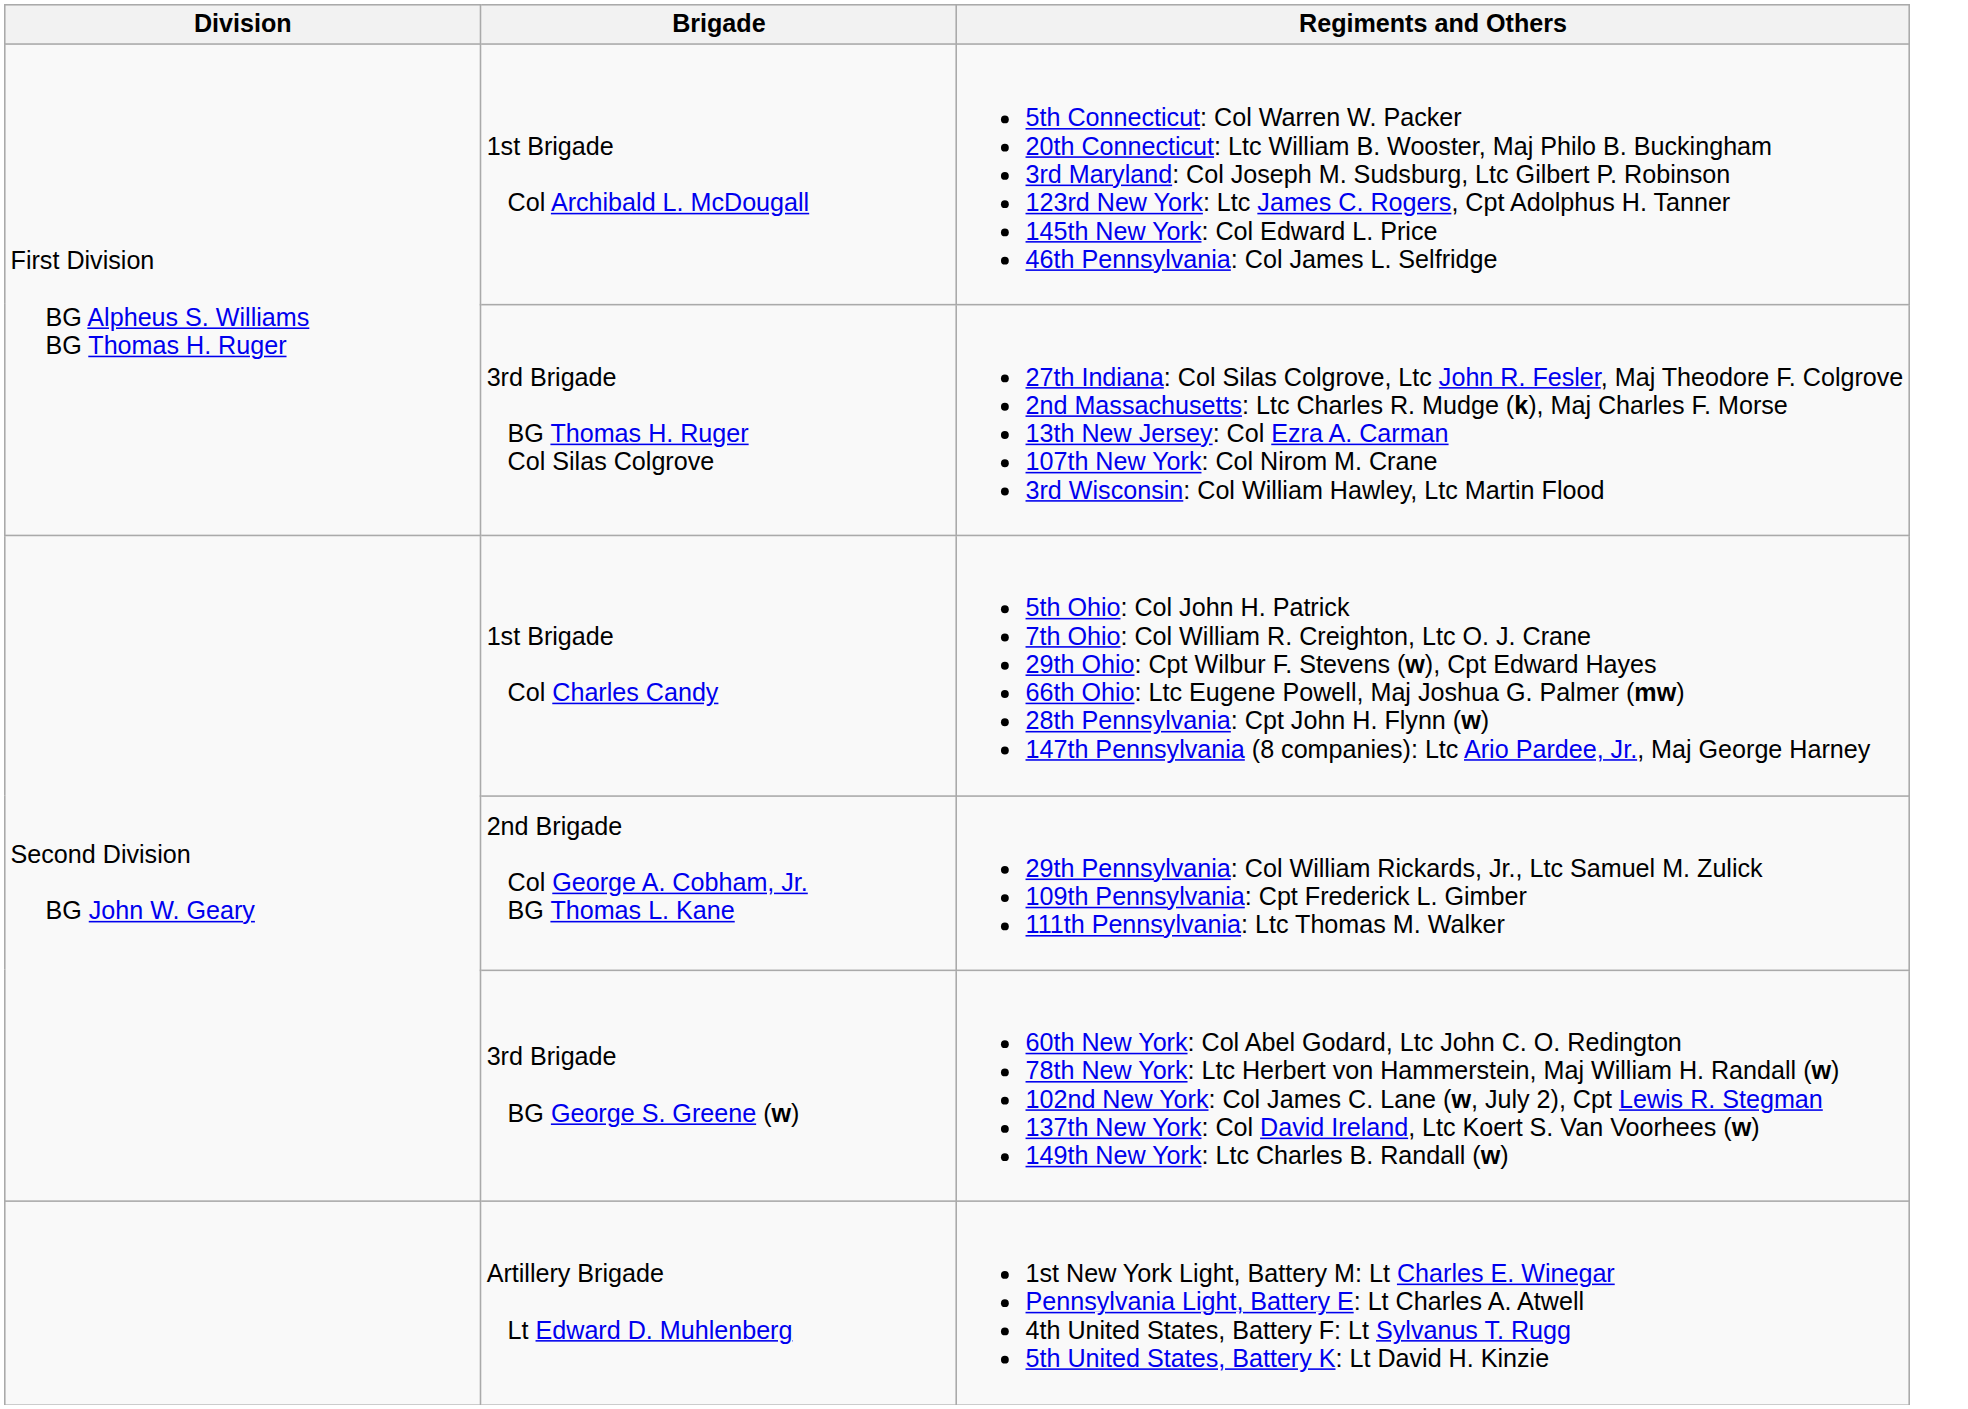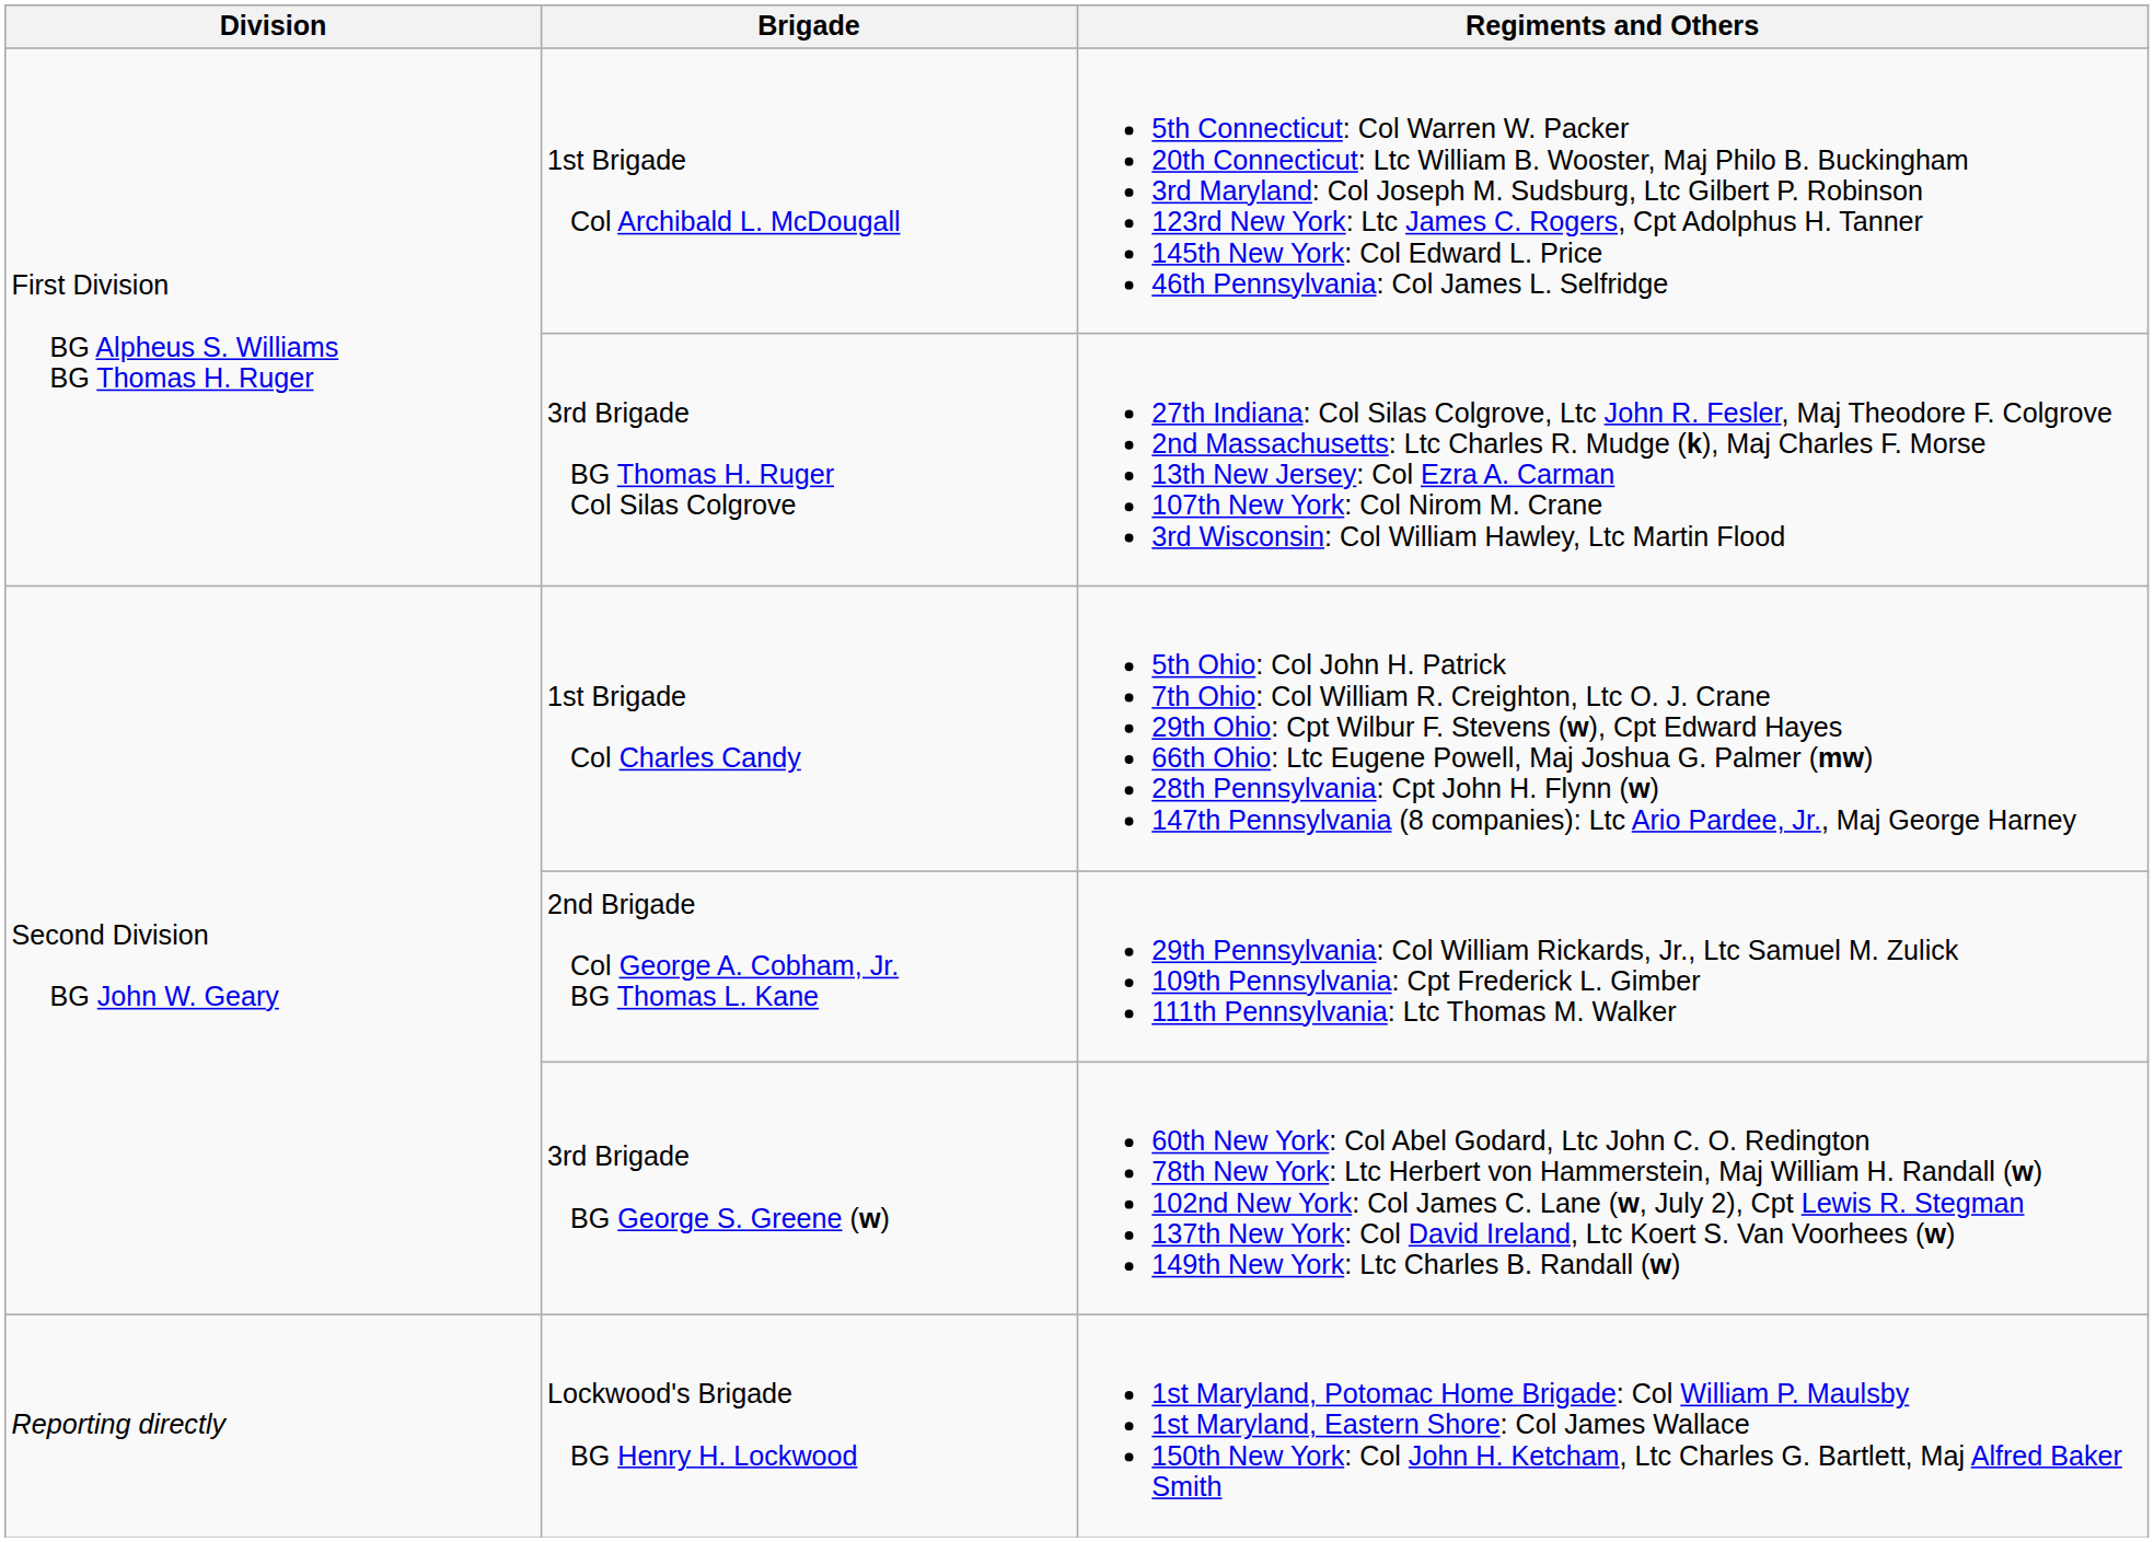 <table class="wikitable">
 <tr>
 <th style="width:25%;">Division</th>
 <th style="width:25%;">Brigade</th>
 <th>Regiments and Others</th>
 </tr>
 <tr>
 <td rowspan=2><br>First Division <br> <br>     BG <a href='#'>Alpheus S. Williams</a> <br>     BG <a href='#'>Thomas H. Ruger</a></td>
 <td>1st Brigade<br><br>   Col <a href='#'>Archibald L. McDougall</a></td>
 <td><br><ul><li><a href='#'>5th Connecticut</a>: Col Warren W. Packer</li><li><a href='#'>20th Connecticut</a>: Ltc William B. Wooster, Maj Philo B. Buckingham</li><li><a href='#'>3rd Maryland</a>: Col Joseph M. Sudsburg, Ltc Gilbert P. Robinson</li><li><a href='#'>123rd New York</a>: Ltc <a href='#'>James C. Rogers</a>, Cpt Adolphus H. Tanner</li><li><a href='#'>145th New York</a>: Col Edward L. Price</li><li><a href='#'>46th Pennsylvania</a>: Col James L. Selfridge</li></ul></td>
 </tr>
 <tr>
 <td>3rd Brigade<br><br>   BG <a href='#'>Thomas H. Ruger</a> <br>   Col Silas Colgrove</td>
 <td><br><ul><li><a href='#'>27th Indiana</a>: Col Silas Colgrove, Ltc <a href='#'>John R. Fesler</a>, Maj Theodore F. Colgrove</li><li><a href='#'>2nd Massachusetts</a>: Ltc Charles R. Mudge (<strong>k</strong>), Maj Charles F. Morse</li><li><a href='#'>13th New Jersey</a>: Col <a href='#'>Ezra A. Carman</a></li><li><a href='#'>107th New York</a>: Col Nirom M. Crane</li><li><a href='#'>3rd Wisconsin</a>: Col William Hawley, Ltc Martin Flood</li></ul></td>
 </tr>
 <tr>
 <td rowspan=3><br>Second Division <br> <br>     BG <a href='#'>John W. Geary</a></td>
 <td>1st Brigade<br><br>   Col <a href='#'>Charles Candy</a></td>
 <td><br><ul><li><a href='#'>5th Ohio</a>: Col John H. Patrick</li><li><a href='#'>7th Ohio</a>: Col William R. Creighton, Ltc O. J. Crane</li><li><a href='#'>29th Ohio</a>: Cpt Wilbur F. Stevens (<strong>w</strong>), Cpt Edward Hayes</li><li><a href='#'>66th Ohio</a>: Ltc Eugene Powell, Maj Joshua G. Palmer (<strong>mw</strong>)</li><li><a href='#'>28th Pennsylvania</a>: Cpt John H. Flynn (<strong>w</strong>)</li><li><a href='#'>147th Pennsylvania</a> (8 companies): Ltc <a href='#'>Ario Pardee, Jr.</a>, Maj George Harney</li></ul></td>
 </tr>
 <tr>
 <td>2nd Brigade<br><br>   Col <a href='#'>George A. Cobham, Jr.</a> <br>   BG <a href='#'>Thomas L. Kane</a> <br>  </td>
 <td><br><ul><li><a href='#'>29th Pennsylvania</a>: Col William Rickards, Jr., Ltc Samuel M. Zulick</li><li><a href='#'>109th Pennsylvania</a>: Cpt Frederick L. Gimber</li><li><a href='#'>111th Pennsylvania</a>: Ltc Thomas M. Walker</li></ul></td>
 </tr>
 <tr>
 <td>3rd Brigade<br><br>   BG <a href='#'>George S. Greene</a> (<strong>w</strong>)</td>
 <td><br><ul><li><a href='#'>60th New York</a>: Col Abel Godard, Ltc John C. O. Redington</li><li><a href='#'>78th New York</a>: Ltc Herbert von Hammerstein, Maj William H. Randall (<strong>w</strong>)</li><li><a href='#'>102nd New York</a>: Col James C. Lane (<strong>w</strong>, July 2), Cpt <a href='#'>Lewis R. Stegman</a></li><li><a href='#'>137th New York</a>: Col <a href='#'>David Ireland</a>, Ltc Koert S. Van Voorhees (<strong>w</strong>)</li><li><a href='#'>149th New York</a>: Ltc Charles B. Randall (<strong>w</strong>)</li></ul></td>
 </tr>
 <tr>
-<td></td>
-<td>Artillery Brigade<br><br>   Lt <a href='#'>Edward D. Muhlenberg</a></td>
-<td><br><ul><li>1st New York Light, Battery M: Lt <a href='#'>Charles E. Winegar</a></li><li><a href='#'>Pennsylvania Light, Battery E</a>: Lt Charles A. Atwell</li><li>4th United States, Battery F: Lt <a href='#'>Sylvanus T. Rugg</a></li><li><a href='#'>5th United States, Battery K</a>: Lt David H. Kinzie</li></ul></td>
+<td><em>Reporting directly</em></td>
+<td>Lockwood's Brigade <br><br>   BG <a href='#'>Henry H. Lockwood</a></td>
+<td><br><ul><li><a href='#'>1st Maryland, Potomac Home Brigade</a>: Col <a href='#'>William P. Maulsby</a></li><li><a href='#'>1st Maryland, Eastern Shore</a>: Col James Wallace</li><li><a href='#'>150th New York</a>: Col <a href='#'>John H. Ketcham</a>, Ltc Charles G. Bartlett, Maj <a href='#'>Alfred Baker Smith</a></li></ul></td>
 </tr>
 </table>
